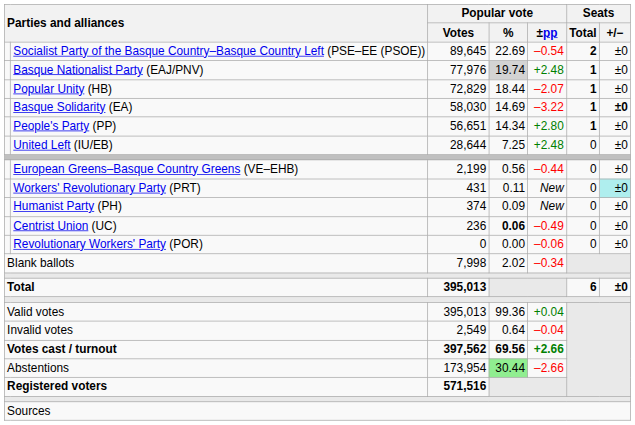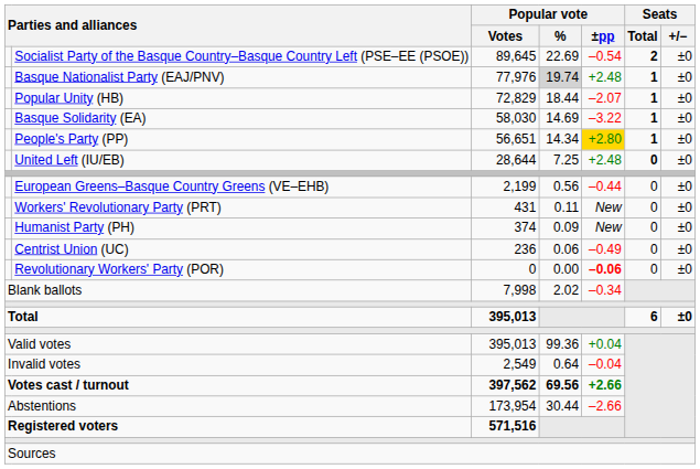 <table class="wikitable" style="text-align:right;">
 <tr>
 <th style="text-align:left;" rowspan="2" colspan="2" width="525">Parties and alliances</th>
 <th colspan="3">Popular vote</th>
 <th colspan="2">Seats</th>
 </tr>
 <tr>
 <th width="75">Votes</th>
 <th width="45">%</th>
 <th width="45">±<a href='#'>pp</a></th>
 <th width="35">Total</th>
 <th width="35">+/−</th>
 </tr>
 <tr>
 <td width="1" style="color:inherit;background:"></td>
 <td align="left"><a href='#'>Socialist Party of the Basque Country–Basque Country Left</a> (PSE–EE (PSOE))</td>
 <td>89,645</td>
 <td>22.69</td>
 <td style="color:red;">–0.54</td>
 <td><strong>2</strong></td>
 <td>±0</td>
 </tr>
 <tr>
 <td style="color:inherit;background:"></td>
 <td align="left"><a href='#'>Basque Nationalist Party</a> (EAJ/PNV)</td>
 <td>77,976</td>
 <td style="background: lightgrey;">19.74</td>
 <td style="color:green;">+2.48</td>
 <td><strong>1</strong></td>
 <td>±0</td>
 </tr>
 <tr>
 <td style="color:inherit;background:"></td>
 <td align="left"><a href='#'>Popular Unity</a> (HB)</td>
 <td>72,829</td>
 <td>18.44</td>
 <td style="color:red;">–2.07</td>
 <td><strong>1</strong></td>
 <td>±0</td>
 </tr>
 <tr>
 <td style="color:inherit;background:"></td>
 <td align="left"><a href='#'>Basque Solidarity</a> (EA)</td>
 <td>58,030</td>
 <td>14.69</td>
 <td style="color:red;">–3.22</td>
 <td><strong>1</strong></td>
-<td><strong>±0</strong></td>
+<td>±0</td>
 </tr>
 <tr>
 <td style="color:inherit;background:"></td>
 <td align="left"><a href='#'>People's Party</a> (PP)</td>
 <td>56,651</td>
 <td>14.34</td>
-<td style="color:green;">+2.80</td>
+<td style="background: gold; color:green;">+2.80</td>
 <td><strong>1</strong></td>
 <td>±0</td>
 </tr>
 <tr>
 <td style="color:inherit;background:"></td>
 <td align="left"><a href='#'>United Left</a> (IU/EB)</td>
 <td>28,644</td>
 <td>7.25</td>
 <td style="color:green;">+2.48</td>
-<td>0</td>
+<td><strong>0</strong></td>
 <td>±0</td>
 </tr>
 <tr>
 <td colspan="7" bgcolor="#C0C0C0"></td>
 </tr>
 <tr>
 <td style="color:inherit;background:"></td>
 <td align="left"><a href='#'>European Greens–Basque Country Greens</a> (VE–EHB)</td>
 <td>2,199</td>
 <td>0.56</td>
 <td style="color:red;">–0.44</td>
 <td>0</td>
 <td>±0</td>
 </tr>
 <tr>
 <td style="color:inherit;background:"></td>
 <td align="left"><a href='#'>Workers' Revolutionary Party</a> (PRT)</td>
 <td>431</td>
 <td>0.11</td>
 <td><em>New</em></td>
 <td>0</td>
-<td style="background: paleturquoise;">±0</td>
+<td>±0</td>
 </tr>
 <tr>
 <td style="color:inherit;background:"></td>
 <td align="left"><a href='#'>Humanist Party</a> (PH)</td>
 <td>374</td>
 <td>0.09</td>
 <td><em>New</em></td>
 <td>0</td>
 <td>±0</td>
 </tr>
 <tr>
 <td style="color:inherit;background:"></td>
 <td align="left"><a href='#'>Centrist Union</a> (UC)</td>
 <td>236</td>
-<td><strong>0.06</strong></td>
+<td>0.06</td>
 <td style="color:red;">–0.49</td>
 <td>0</td>
 <td>±0</td>
 </tr>
 <tr>
 <td style="color:inherit;background:"></td>
 <td align="left"><a href='#'>Revolutionary Workers' Party</a> (POR)</td>
 <td>0</td>
 <td>0.00</td>
-<td style="color:red;">–0.06</td>
+<td style="color:red;"><strong>–0.06</strong></td>
 <td>0</td>
 <td>±0</td>
 </tr>
 <tr>
 <td align="left" colspan="2">Blank ballots</td>
 <td>7,998</td>
 <td>2.02</td>
 <td style="color:red;">–0.34</td>
 <td bgcolor="#E9E9E9" colspan="2"></td>
 </tr>
 <tr>
 <td colspan="7" bgcolor="#E9E9E9"></td>
 </tr>
 <tr style="font-weight:bold;">
 <td align="left" colspan="2">Total</td>
 <td>395,013</td>
 <td bgcolor="#E9E9E9" colspan="2"></td>
 <td>6</td>
 <td>±0</td>
 </tr>
 <tr>
 <td colspan="7" bgcolor="#E9E9E9"></td>
 </tr>
 <tr>
 <td align="left" colspan="2">Valid votes</td>
 <td>395,013</td>
 <td>99.36</td>
 <td style="color:green;">+0.04</td>
 <td bgcolor="#E9E9E9" colspan="2" rowspan="5"></td>
 </tr>
 <tr>
 <td align="left" colspan="2">Invalid votes</td>
 <td>2,549</td>
 <td>0.64</td>
 <td style="color:red;">–0.04</td>
 </tr>
 <tr style="font-weight:bold;">
 <td align="left" colspan="2">Votes cast / turnout</td>
 <td>397,562</td>
 <td>69.56</td>
 <td style="color:green;">+2.66</td>
 </tr>
 <tr>
 <td align="left" colspan="2">Abstentions</td>
 <td>173,954</td>
-<td style="background: lightgreen;">30.44</td>
+<td>30.44</td>
 <td style="color:red;">–2.66</td>
 </tr>
 <tr style="font-weight:bold;">
 <td align="left" colspan="2">Registered voters</td>
 <td>571,516</td>
 <td bgcolor="#E9E9E9" colspan="2"></td>
 </tr>
 <tr>
 <td colspan="7" bgcolor="#E9E9E9"></td>
 </tr>
 <tr>
 <td align="left" colspan="7">Sources</td>
 </tr>
 </table>
